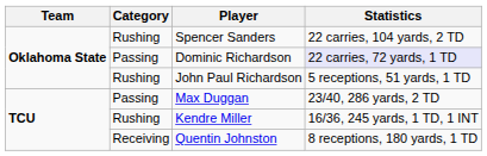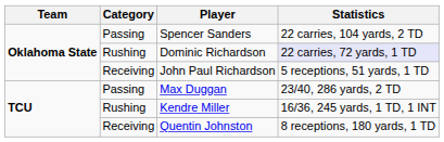 <table class="wikitable" style="float: right;">
 <tr>
 <th>Team</th>
 <th>Category</th>
 <th>Player</th>
 <th>Statistics</th>
 </tr>
 <tr>
 <td rowspan=3><strong>Oklahoma State</strong></td>
-<td>Rushing</td>
+<td>Passing</td>
 <td>Spencer Sanders</td>
 <td>22 carries, 104 yards, 2 TD</td>
 </tr>
 <tr>
-<td>Passing</td>
+<td>Rushing</td>
 <td>Dominic Richardson</td>
 <td style="background: lavender;">22 carries, 72 yards, 1 TD</td>
 </tr>
 <tr>
-<td>Rushing</td>
+<td>Receiving</td>
 <td>John Paul Richardson</td>
 <td>5 receptions, 51 yards, 1 TD</td>
 </tr>
 <tr>
 <td rowspan=3><strong>TCU</strong></td>
 <td>Passing</td>
 <td><a href='#'>Max Duggan</a></td>
 <td>23/40, 286 yards, 2 TD</td>
 </tr>
 <tr>
 <td>Rushing</td>
 <td><a href='#'>Kendre Miller</a></td>
 <td>16/36, 245 yards, 1 TD, 1 INT</td>
 </tr>
 <tr>
 <td>Receiving</td>
 <td><a href='#'>Quentin Johnston</a></td>
 <td>8 receptions, 180 yards, 1 TD</td>
 </tr>
 </table>
